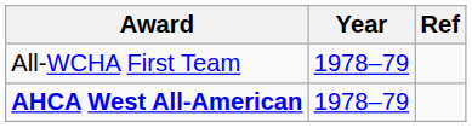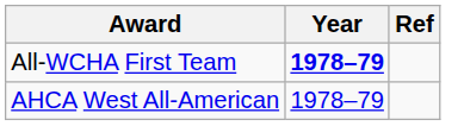 <table class="wikitable">
 <tr>
 <th>Award</th>
 <th>Year</th>
 <th>Ref</th>
 </tr>
 <tr>
 <td>All-<a href='#'>WCHA</a> <a href='#'>First Team</a></td>
-<td><a href='#'>1978–79</a></td>
+<td><strong><a href='#'>1978–79</a></strong></td>
 <td></td>
 </tr>
 <tr>
-<td><strong><a href='#'>AHCA</a> <a href='#'>West All-American</a></strong></td>
+<td><a href='#'>AHCA</a> <a href='#'>West All-American</a></td>
 <td><a href='#'>1978–79</a></td>
 <td></td>
 </tr>
 </table>
